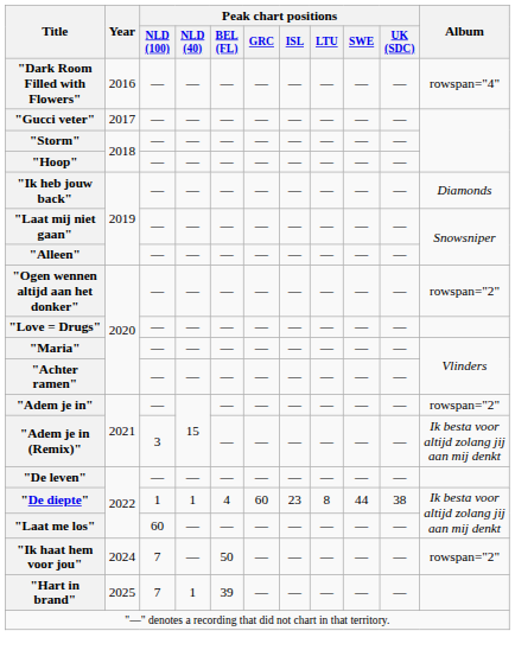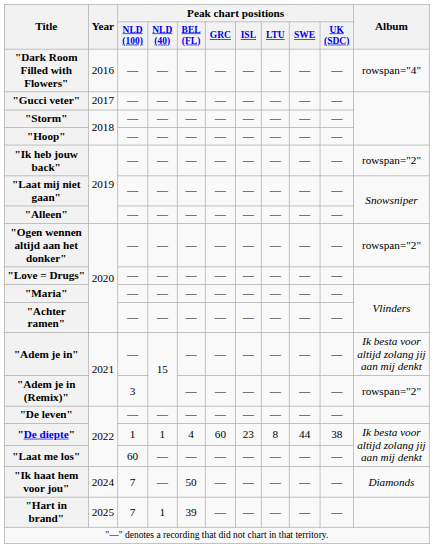 <table class="wikitable plainrowheaders" style="text-align:center;">
 <tr>
 <th scope="col" rowspan="2" style="width:21em;">Title</th>
 <th scope="col" rowspan="2" style="width:3em;">Year</th>
 <th scope="col" colspan="8">Peak chart positions</th>
 <th scope="col" rowspan="2" style="width:11em;">Album</th>
 </tr>
 <tr>
 <th scope="col" style="width:5em;font-size:85%;"><a href='#'>NLD (100)</a><br></th>
 <th scope="col" style="width:5em;font-size:85%;"><a href='#'>NLD (40)</a><br></th>
 <th scope="col" style="width:5em;font-size:85%;"><a href='#'>BEL (FL)</a><br></th>
 <th scope="col" style="width:5em;font-size:85%;"><a href='#'>GRC</a><br></th>
 <th scope="col" style="width:5em;font-size:85%;"><a href='#'>ISL</a><br></th>
 <th scope="col" style="width:5em;font-size:85%;"><a href='#'>LTU</a><br></th>
 <th scope="col" style="width:5em;font-size:85%;"><a href='#'>SWE</a><br></th>
 <th scope="col" style="width:5em;font-size:85%;"><a href='#'>UK (SDC)</a><br></th>
 </tr>
 <tr>
 <th scope="row">"Dark Room Filled with Flowers" </th>
 <td>2016</td>
 <td>—</td>
 <td>—</td>
 <td>—</td>
 <td>—</td>
 <td>—</td>
 <td>—</td>
 <td>—</td>
 <td>—</td>
 <td>rowspan="4" </td>
 </tr>
 <tr>
 <th scope="row">"Gucci veter"</th>
 <td>2017</td>
 <td>—</td>
 <td>—</td>
 <td>—</td>
 <td>—</td>
 <td>—</td>
 <td>—</td>
 <td>—</td>
 <td>—</td>
 </tr>
 <tr>
 <th scope="row">"Storm"</th>
 <td rowspan="2">2018</td>
 <td>—</td>
 <td>—</td>
 <td>—</td>
 <td>—</td>
 <td>—</td>
 <td>—</td>
 <td>—</td>
 <td>—</td>
 </tr>
 <tr>
 <th scope="row">"Hoop" </th>
 <td>—</td>
 <td>—</td>
 <td>—</td>
 <td>—</td>
 <td>—</td>
 <td>—</td>
 <td>—</td>
 <td>—</td>
 </tr>
 <tr>
 <th scope="row">"Ik heb jouw back"</th>
 <td rowspan="3">2019</td>
 <td>—</td>
 <td>—</td>
 <td>—</td>
 <td>—</td>
 <td>—</td>
 <td>—</td>
 <td>—</td>
 <td>—</td>
-<td><em>Diamonds</em></td>
+<td>rowspan="2" </td>
 </tr>
 <tr>
 <th scope="row">"Laat mij niet gaan"</th>
 <td>—</td>
 <td>—</td>
 <td>—</td>
 <td>—</td>
 <td>—</td>
 <td>—</td>
 <td>—</td>
 <td>—</td>
 <td rowspan="2"><em>Snowsniper</em></td>
 </tr>
 <tr>
 <th scope="row">"Alleen"</th>
 <td>—</td>
 <td>—</td>
 <td>—</td>
 <td>—</td>
 <td>—</td>
 <td>—</td>
 <td>—</td>
 <td>—</td>
 </tr>
 <tr>
 <th scope="row">"Ogen wennen altijd aan het donker"</th>
 <td rowspan="4">2020</td>
 <td>—</td>
 <td>—</td>
 <td>—</td>
 <td>—</td>
 <td>—</td>
 <td>—</td>
 <td>—</td>
 <td>—</td>
 <td>rowspan="2" </td>
 </tr>
 <tr>
 <th scope="row">"Love = Drugs" </th>
 <td>—</td>
 <td>—</td>
 <td>—</td>
 <td>—</td>
 <td>—</td>
 <td>—</td>
 <td>—</td>
 <td>—</td>
 </tr>
 <tr>
 <th scope="row">"Maria"</th>
 <td>—</td>
 <td>—</td>
 <td>—</td>
 <td>—</td>
 <td>—</td>
 <td>—</td>
 <td>—</td>
 <td>—</td>
 <td rowspan="2"><em>Vlinders</em></td>
 </tr>
 <tr>
 <th scope="row">"Achter ramen" </th>
 <td>—</td>
 <td>—</td>
 <td>—</td>
 <td>—</td>
 <td>—</td>
 <td>—</td>
 <td>—</td>
 <td>—</td>
 </tr>
 <tr>
 <th scope="row">"Adem je in"</th>
 <td rowspan="2">2021</td>
 <td>—</td>
 <td rowspan="2">15</td>
 <td>—</td>
 <td>—</td>
 <td>—</td>
 <td>—</td>
 <td>—</td>
 <td>—</td>
-<td>rowspan="2" </td>
+<td><em>Ik besta voor altijd zolang jij aan mij denkt</em></td>
 </tr>
 <tr>
 <th scope="row">"Adem je in (Remix)" </th>
 <td>3</td>
 <td>—</td>
 <td>—</td>
 <td>—</td>
 <td>—</td>
 <td>—</td>
 <td>—</td>
-<td><em>Ik besta voor altijd zolang jij aan mij denkt</em></td>
+<td>rowspan="2" </td>
 </tr>
 <tr>
 <th scope="row">"De leven" </th>
 <td rowspan="3">2022</td>
 <td>—</td>
 <td>—</td>
 <td>—</td>
 <td>—</td>
 <td>—</td>
 <td>—</td>
 <td>—</td>
 <td>—</td>
 </tr>
 <tr>
 <th scope="row">"<a href='#'>De diepte</a>"</th>
 <td>1</td>
 <td>1</td>
 <td>4</td>
 <td>60</td>
 <td>23</td>
 <td>8</td>
 <td>44</td>
 <td>38</td>
 <td rowspan="2"><em>Ik besta voor altijd zolang jij aan mij denkt</em></td>
 </tr>
 <tr>
 <th scope="row">"Laat me los" </th>
 <td>60</td>
 <td>—</td>
 <td>—</td>
 <td>—</td>
 <td>—</td>
 <td>—</td>
 <td>—</td>
 <td>—</td>
 </tr>
 <tr>
 <th scope="row">"Ik haat hem voor jou" </th>
 <td>2024</td>
 <td>7</td>
 <td>—</td>
 <td>50</td>
 <td>—</td>
 <td>—</td>
 <td>—</td>
 <td>—</td>
 <td>—</td>
-<td>rowspan="2" </td>
+<td><em>Diamonds</em></td>
 </tr>
 <tr>
 <th scope="row">"Hart in brand" </th>
 <td>2025</td>
 <td>7</td>
 <td>1</td>
 <td>39</td>
 <td>—</td>
 <td>—</td>
 <td>—</td>
 <td>—</td>
 <td>—</td>
 </tr>
 <tr>
 <td colspan="11" style="font-size:85%">"—" denotes a recording that did not chart in that territory.</td>
 </tr>
 </table>
